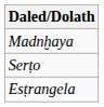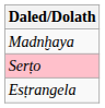 <table class="wikitable">
 <tr>
 <th>Daled/Dolath</th>
 </tr>
 <tr>
 <td> <em>Madnḫaya</em> </td>
 </tr>
 <tr>
-<td> <em>Serṭo</em> </td>
+<td style="background: pink;"> <em>Serṭo</em> </td>
 </tr>
 <tr>
 <td> <em>Esṭrangela</em> </td>
 </tr>
 </table>
